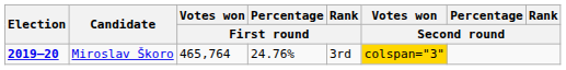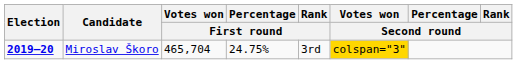 <table class="wikitable">
 <tr>
 <th rowspan="2">Election</th>
 <th rowspan="2">Candidate</th>
 <th>Votes won</th>
 <th>Percentage</th>
 <th>Rank</th>
 <th>Votes won</th>
 <th>Percentage</th>
 <th>Rank</th>
 </tr>
 <tr>
 <th colspan="3">First round</th>
 <th colspan="3">Second round</th>
 </tr>
 <tr>
 <td><a href='#'><strong>2019–20</strong></a></td>
 <td><a href='#'>Miroslav Škoro</a></td>
-<td>465,764</td>
-<td>24.76%</td>
+<td>465,704</td>
+<td>24.75%</td>
 <td>3rd</td>
 <td style="background: gold;">colspan="3" </td>
 </tr>
 </table>
